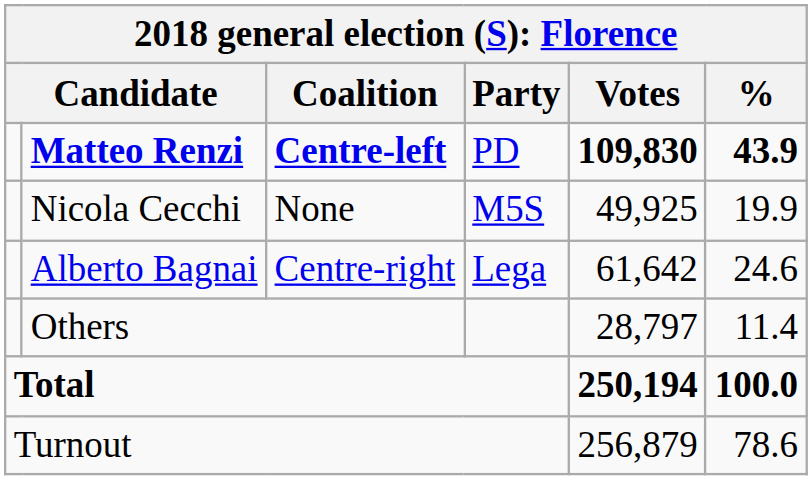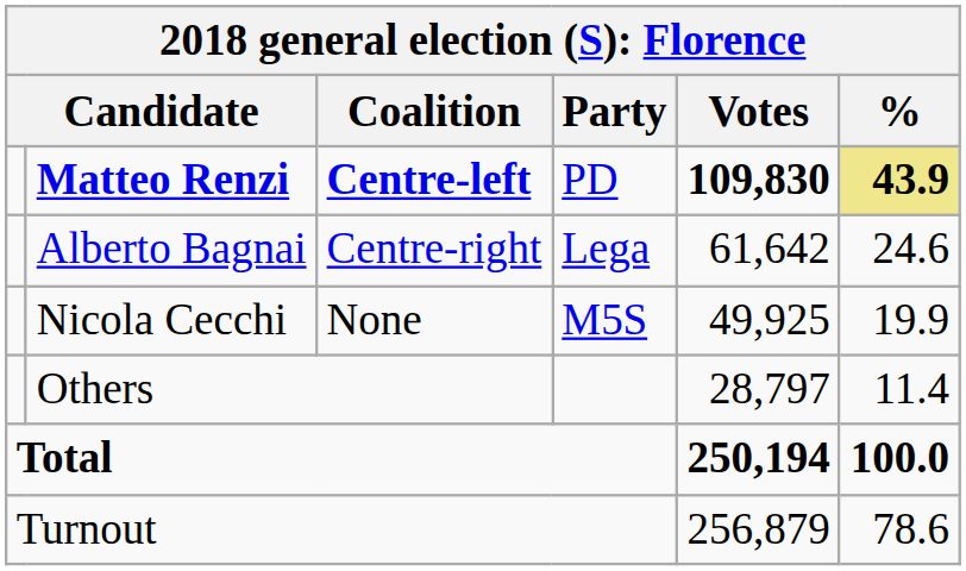 <table class=wikitable style="text-align:right">
 <tr>
 <th colspan=6>2018 general election (<a href='#'>S</a>): <a href='#'>Florence</a></th>
 </tr>
 <tr>
 <th colspan=2>Candidate</th>
 <th>Coalition</th>
 <th>Party</th>
 <th>Votes</th>
 <th>%</th>
 </tr>
 <tr>
 <td></td>
 <td align=left><strong><a href='#'>Matteo Renzi</a></strong></td>
 <td align=left><strong><a href='#'>Centre-left</a></strong></td>
 <td align=left><a href='#'>PD</a></td>
 <td><strong>109,830</strong></td>
-<td><strong>43.9</strong></td>
+<td style="background: khaki;"><strong>43.9</strong></td>
+</tr>
+<tr>
+<td></td>
+<td align=left><a href='#'>Alberto Bagnai</a></td>
+<td align=left><a href='#'>Centre-right</a></td>
+<td align=left><a href='#'>Lega</a></td>
+<td>61,642</td>
+<td>24.6</td>
 </tr>
 <tr>
 <td></td>
 <td align=left>Nicola Cecchi</td>
 <td align=left>None</td>
 <td align=left><a href='#'>M5S</a></td>
 <td>49,925</td>
 <td>19.9</td>
-</tr>
-<tr>
-<td></td>
-<td align=left><a href='#'>Alberto Bagnai</a></td>
-<td align=left><a href='#'>Centre-right</a></td>
-<td align=left><a href='#'>Lega</a></td>
-<td>61,642</td>
-<td>24.6</td>
 </tr>
 <tr>
 <td></td>
 <td align=left colspan=2>Others</td>
 <td></td>
 <td>28,797</td>
 <td>11.4</td>
 </tr>
 <tr>
 <td align=left colspan=4><strong>Total</strong></td>
 <td><strong>250,194</strong></td>
 <td><strong>100.0</strong></td>
 </tr>
 <tr>
 <td align=left colspan=4>Turnout</td>
 <td>256,879</td>
 <td>78.6</td>
 </tr>
 </table>
